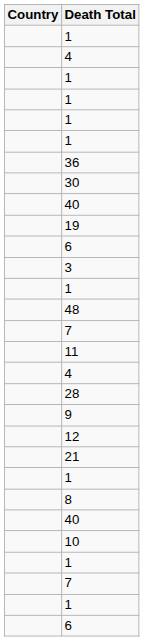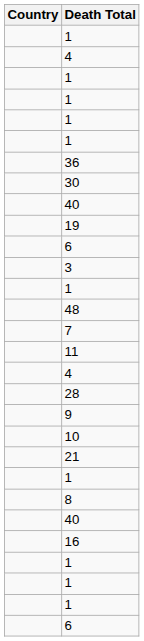 <table class="wikitable sortable" border="1">
 <tr>
 <th>Country</th>
 <th>Death Total</th>
 </tr>
 <tr>
 <td></td>
 <td>1</td>
 </tr>
 <tr>
 <td></td>
 <td>4</td>
 </tr>
 <tr>
 <td></td>
 <td>1</td>
 </tr>
 <tr>
 <td></td>
 <td>1</td>
 </tr>
 <tr>
 <td></td>
 <td>1</td>
 </tr>
 <tr>
 <td></td>
 <td>1</td>
 </tr>
 <tr>
 <td></td>
 <td>36</td>
 </tr>
 <tr>
 <td></td>
 <td>30</td>
 </tr>
 <tr>
 <td></td>
 <td>40</td>
 </tr>
 <tr>
 <td></td>
 <td>19</td>
 </tr>
 <tr>
 <td></td>
 <td>6</td>
 </tr>
 <tr>
 <td></td>
 <td>3</td>
 </tr>
 <tr>
 <td></td>
 <td>1</td>
 </tr>
 <tr>
 <td></td>
 <td>48</td>
 </tr>
 <tr>
 <td></td>
 <td>7</td>
 </tr>
 <tr>
 <td></td>
 <td>11</td>
 </tr>
 <tr>
 <td></td>
 <td>4</td>
 </tr>
 <tr>
 <td></td>
 <td>28</td>
 </tr>
 <tr>
 <td></td>
 <td>9</td>
 </tr>
 <tr>
 <td></td>
-<td>12</td>
+<td>10</td>
 </tr>
 <tr>
 <td></td>
 <td>21</td>
 </tr>
 <tr>
 <td></td>
 <td>1</td>
 </tr>
 <tr>
 <td></td>
 <td>8</td>
 </tr>
 <tr>
 <td></td>
 <td>40</td>
 </tr>
 <tr>
 <td></td>
-<td>10</td>
+<td>16</td>
 </tr>
 <tr>
 <td></td>
 <td>1</td>
 </tr>
 <tr>
 <td></td>
-<td>7</td>
+<td>1</td>
 </tr>
 <tr>
 <td></td>
 <td>1</td>
 </tr>
 <tr>
 <td></td>
 <td>6</td>
 </tr>
 </table>
